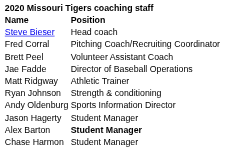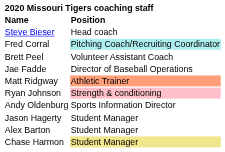 <table class="toccolours" style="text-align: left; font-size:90%;">
 <tr>
 <th colspan="9">2020 Missouri Tigers coaching staff</th>
 </tr>
 <tr>
 <th>Name</th>
 <th>Position</th>
 </tr>
 <tr>
 <td><a href='#'>Steve Bieser</a></td>
 <td>Head coach</td>
 </tr>
 <tr>
 <td>Fred Corral</td>
-<td>Pitching Coach/Recruiting Coordinator</td>
+<td style="background: paleturquoise;">Pitching Coach/Recruiting Coordinator</td>
 </tr>
 <tr>
 <td>Brett Peel</td>
 <td>Volunteer Assistant Coach</td>
 </tr>
 <tr>
 <td>Jae Fadde</td>
 <td>Director of Baseball Operations</td>
 </tr>
 <tr>
 <td>Matt Ridgway</td>
-<td>Athletic Trainer</td>
+<td style="background: lightsalmon;">Athletic Trainer</td>
 </tr>
 <tr>
 <td>Ryan Johnson</td>
-<td>Strength & conditioning</td>
+<td style="background: pink;">Strength & conditioning</td>
 </tr>
 <tr>
 <td>Andy Oldenburg</td>
 <td>Sports Information Director</td>
 </tr>
 <tr>
 <td>Jason Hagerty</td>
 <td>Student Manager</td>
 </tr>
 <tr>
 <td>Alex Barton</td>
-<td><strong>Student Manager</strong></td>
+<td>Student Manager</td>
 </tr>
 <tr>
 <td>Chase Harmon</td>
-<td>Student Manager</td>
+<td style="background: khaki;">Student Manager</td>
 </tr>
 </table>
